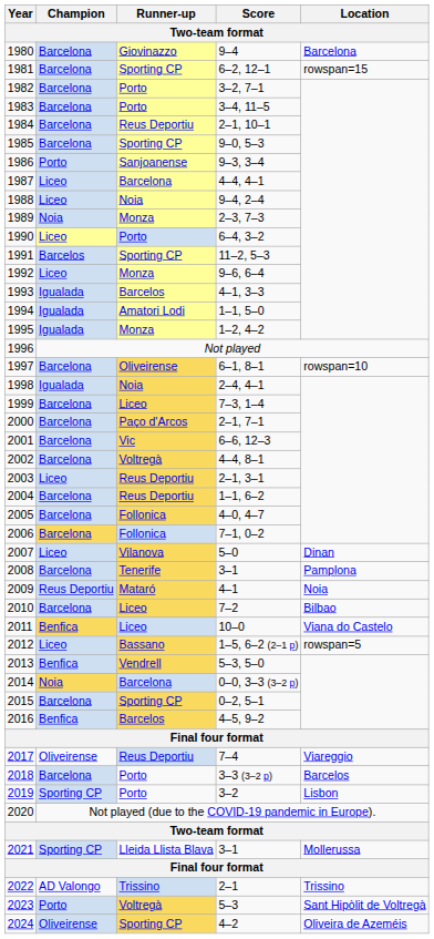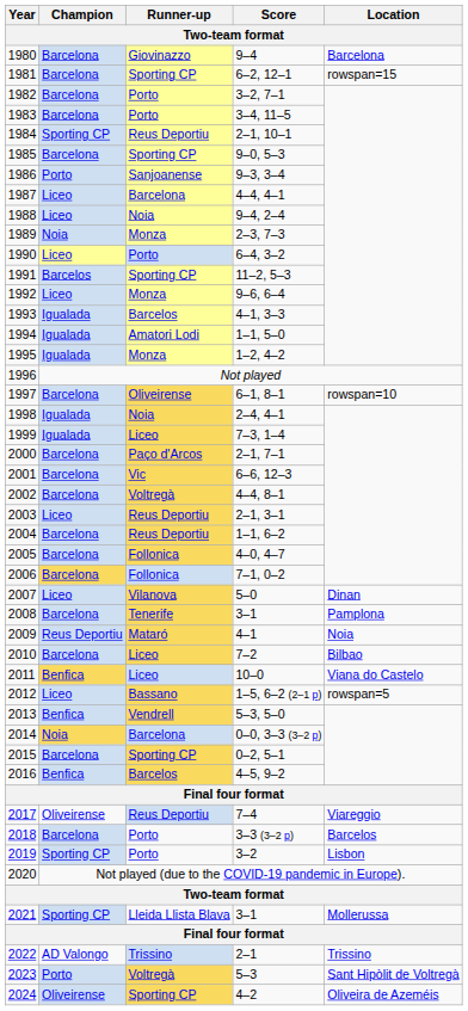 <table class="wikitable">
 <tr>
 <th>Year</th>
 <th>Champion</th>
 <th>Runner-up</th>
 <th>Score</th>
 <th>Location</th>
 </tr>
 <tr>
 <th colspan=5>Two-team format</th>
 </tr>
 <tr>
 <td>1980</td>
 <td bgcolor=cedff2> <a href='#'>Barcelona</a></td>
 <td bgcolor=FFFF99> <a href='#'>Giovinazzo</a></td>
 <td>9–4</td>
 <td> <a href='#'>Barcelona</a></td>
 </tr>
 <tr>
 <td>1981</td>
 <td bgcolor=cedff2> <a href='#'>Barcelona</a></td>
 <td bgcolor=FFFF99> <a href='#'>Sporting CP</a></td>
 <td>6–2, 12–1</td>
 <td>rowspan=15 </td>
 </tr>
 <tr>
 <td>1982</td>
 <td bgcolor=cedff2> <a href='#'>Barcelona</a></td>
 <td bgcolor=FFFF99> <a href='#'>Porto</a></td>
 <td>3–2, 7–1</td>
 </tr>
 <tr>
 <td>1983</td>
 <td bgcolor=cedff2> <a href='#'>Barcelona</a></td>
 <td bgcolor=FFFF99> <a href='#'>Porto</a></td>
 <td>3–4, 11–5</td>
 </tr>
 <tr>
 <td>1984</td>
-<td bgcolor=cedff2> <a href='#'>Barcelona</a></td>
+<td bgcolor=cedff2> <a href='#'>Sporting CP</a></td>
 <td bgcolor=FFFF99> <a href='#'>Reus Deportiu</a></td>
 <td>2–1, 10–1</td>
 </tr>
 <tr>
 <td>1985</td>
 <td bgcolor=cedff2> <a href='#'>Barcelona</a></td>
 <td bgcolor=FFFF99> <a href='#'>Sporting CP</a></td>
 <td>9–0, 5–3</td>
 </tr>
 <tr>
 <td>1986</td>
 <td bgcolor=cedff2> <a href='#'>Porto</a></td>
 <td bgcolor=FFFF99> <a href='#'>Sanjoanense</a></td>
 <td>9–3, 3–4</td>
 </tr>
 <tr>
 <td>1987</td>
 <td bgcolor=cedff2> <a href='#'>Liceo</a></td>
 <td bgcolor=FFFF99> <a href='#'>Barcelona</a></td>
 <td>4–4, 4–1</td>
 </tr>
 <tr>
 <td>1988</td>
 <td bgcolor=cedff2> <a href='#'>Liceo</a></td>
 <td bgcolor=FFFF99> <a href='#'>Noia</a></td>
 <td>9–4, 2–4</td>
 </tr>
 <tr>
 <td>1989</td>
 <td bgcolor=cedff2> <a href='#'>Noia</a></td>
 <td bgcolor=FFFF99> <a href='#'>Monza</a></td>
 <td>2–3, 7–3</td>
 </tr>
 <tr>
 <td>1990</td>
 <td bgcolor=FFFF99> <a href='#'>Liceo</a></td>
 <td bgcolor=cedff2> <a href='#'>Porto</a></td>
 <td>6–4, 3–2</td>
 </tr>
 <tr>
 <td>1991</td>
 <td bgcolor=cedff2> <a href='#'>Barcelos</a></td>
 <td bgcolor=FFFF99> <a href='#'>Sporting CP</a></td>
 <td>11–2, 5–3</td>
 </tr>
 <tr>
 <td>1992</td>
 <td bgcolor=cedff2> <a href='#'>Liceo</a></td>
 <td bgcolor=FFFF99> <a href='#'>Monza</a></td>
 <td>9–6, 6–4</td>
 </tr>
 <tr>
 <td>1993</td>
 <td bgcolor=cedff2> <a href='#'>Igualada</a></td>
 <td bgcolor=FFFF99> <a href='#'>Barcelos</a></td>
 <td>4–1, 3–3</td>
 </tr>
 <tr>
 <td>1994</td>
 <td bgcolor=cedff2> <a href='#'>Igualada</a></td>
 <td bgcolor=FFFF99> <a href='#'>Amatori Lodi</a></td>
 <td>1–1, 5–0</td>
 </tr>
 <tr>
 <td>1995</td>
 <td bgcolor=cedff2> <a href='#'>Igualada</a></td>
 <td bgcolor=FFFF99> <a href='#'>Monza</a></td>
 <td>1–2, 4–2</td>
 </tr>
 <tr>
 <td>1996</td>
 <td align=center colspan=4><em>Not played</em></td>
 </tr>
 <tr>
 <td>1997</td>
 <td bgcolor=cedff2> <a href='#'>Barcelona</a></td>
 <td bgcolor=FADA5E> <a href='#'>Oliveirense</a></td>
 <td>6–1, 8–1</td>
 <td>rowspan=10 </td>
 </tr>
 <tr>
 <td>1998</td>
 <td bgcolor=cedff2> <a href='#'>Igualada</a></td>
 <td bgcolor=FADA5E> <a href='#'>Noia</a></td>
 <td>2–4, 4–1</td>
 </tr>
 <tr>
 <td>1999</td>
-<td bgcolor=cedff2> <a href='#'>Barcelona</a></td>
+<td bgcolor=cedff2> <a href='#'>Igualada</a></td>
 <td bgcolor=FADA5E> <a href='#'>Liceo</a></td>
 <td>7–3, 1–4</td>
 </tr>
 <tr>
 <td>2000</td>
 <td bgcolor=cedff2> <a href='#'>Barcelona</a></td>
 <td bgcolor=FADA5E> <a href='#'>Paço d'Arcos</a></td>
 <td>2–1, 7–1</td>
 </tr>
 <tr>
 <td>2001</td>
 <td bgcolor=cedff2> <a href='#'>Barcelona</a></td>
 <td bgcolor=FADA5E> <a href='#'>Vic</a></td>
 <td>6–6, 12–3</td>
 </tr>
 <tr>
 <td>2002</td>
 <td bgcolor=cedff2> <a href='#'>Barcelona</a></td>
 <td bgcolor=FADA5E> <a href='#'>Voltregà</a></td>
 <td>4–4, 8–1</td>
 </tr>
 <tr>
 <td>2003</td>
 <td bgcolor=cedff2> <a href='#'>Liceo</a></td>
 <td bgcolor=FADA5E> <a href='#'>Reus Deportiu</a></td>
 <td>2–1, 3–1</td>
 </tr>
 <tr>
 <td>2004</td>
 <td bgcolor=cedff2> <a href='#'>Barcelona</a></td>
 <td bgcolor=FADA5E> <a href='#'>Reus Deportiu</a></td>
 <td>1–1, 6–2</td>
 </tr>
 <tr>
 <td>2005</td>
 <td bgcolor=cedff2> <a href='#'>Barcelona</a></td>
 <td bgcolor=FADA5E> <a href='#'>Follonica</a></td>
 <td>4–0, 4–7</td>
 </tr>
 <tr>
 <td>2006</td>
 <td bgcolor=FADA5E> <a href='#'>Barcelona</a></td>
 <td bgcolor=cedff2> <a href='#'>Follonica</a></td>
 <td>7–1, 0–2</td>
 </tr>
 <tr>
 <td>2007</td>
 <td bgcolor=cedff2> <a href='#'>Liceo</a></td>
 <td bgcolor=FADA5E> <a href='#'>Vilanova</a></td>
 <td>5–0</td>
 <td> <a href='#'>Dinan</a></td>
 </tr>
 <tr>
 <td>2008</td>
 <td bgcolor=cedff2> <a href='#'>Barcelona</a></td>
 <td bgcolor=FADA5E> <a href='#'>Tenerife</a></td>
 <td>3–1</td>
 <td> <a href='#'>Pamplona</a></td>
 </tr>
 <tr>
 <td>2009</td>
 <td bgcolor=cedff2> <a href='#'>Reus Deportiu</a></td>
 <td bgcolor=FADA5E> <a href='#'>Mataró</a></td>
 <td>4–1</td>
 <td> <a href='#'>Noia</a></td>
 </tr>
 <tr>
 <td>2010</td>
 <td bgcolor=cedff2> <a href='#'>Barcelona</a></td>
 <td bgcolor=FADA5E> <a href='#'>Liceo</a></td>
 <td>7–2</td>
 <td> <a href='#'>Bilbao</a></td>
 </tr>
 <tr>
 <td>2011</td>
 <td bgcolor=FADA5E> <a href='#'>Benfica</a></td>
 <td bgcolor=cedff2> <a href='#'>Liceo</a></td>
 <td>10–0</td>
 <td> <a href='#'>Viana do Castelo</a></td>
 </tr>
 <tr>
 <td>2012</td>
 <td bgcolor=cedff2> <a href='#'>Liceo</a></td>
 <td bgcolor=FADA5E> <a href='#'>Bassano</a></td>
 <td>1–5, 6–2 <small>(2–1 <a href='#'>p</a>)</small></td>
 <td>rowspan=5 </td>
 </tr>
 <tr>
 <td>2013</td>
 <td bgcolor=cedff2> <a href='#'>Benfica</a></td>
 <td bgcolor=FADA5E> <a href='#'>Vendrell</a></td>
 <td>5–3, 5–0</td>
 </tr>
 <tr>
 <td>2014</td>
 <td bgcolor=FADA5E> <a href='#'>Noia</a></td>
 <td bgcolor=cedff2> <a href='#'>Barcelona</a></td>
 <td>0–0, 3–3 <small>(3–2 <a href='#'>p</a>)</small></td>
 </tr>
 <tr>
 <td>2015</td>
 <td bgcolor=cedff2> <a href='#'>Barcelona</a></td>
 <td bgcolor=FADA5E> <a href='#'>Sporting CP</a></td>
 <td>0–2, 5–1</td>
 </tr>
 <tr>
 <td>2016</td>
 <td bgcolor=cedff2> <a href='#'>Benfica</a></td>
 <td bgcolor=FADA5E> <a href='#'>Barcelos</a></td>
 <td>4–5, 9–2</td>
 </tr>
 <tr>
 <th colspan=5>Final four format</th>
 </tr>
 <tr>
 <td><a href='#'>2017</a></td>
 <td> <a href='#'>Oliveirense</a></td>
 <td bgcolor=cedff2> <a href='#'>Reus Deportiu</a></td>
 <td>7–4</td>
 <td> <a href='#'>Viareggio</a></td>
 </tr>
 <tr>
 <td><a href='#'>2018</a></td>
 <td bgcolor=cedff2> <a href='#'>Barcelona</a></td>
 <td> <a href='#'>Porto</a></td>
 <td>3–3 <small>(3–2 <a href='#'>p</a>)</small></td>
 <td> <a href='#'>Barcelos</a></td>
 </tr>
 <tr>
 <td><a href='#'>2019</a></td>
 <td bgcolor=cedff2> <a href='#'>Sporting CP</a></td>
 <td> <a href='#'>Porto</a></td>
 <td>3–2</td>
 <td> <a href='#'>Lisbon</a></td>
 </tr>
 <tr>
 <td>2020</td>
 <td colspan=4; align=center>Not played (due to the <a href='#'>COVID-19 pandemic in Europe</a>).</td>
 </tr>
 <tr>
 <th colspan=5>Two-team format</th>
 </tr>
 <tr>
 <td><a href='#'>2021</a></td>
 <td bgcolor=cedff2> <a href='#'>Sporting CP</a></td>
 <td> <a href='#'>Lleida Llista Blava</a></td>
 <td>3–1</td>
 <td> <a href='#'>Mollerussa</a></td>
 </tr>
 <tr>
 <th colspan=5>Final four format</th>
 </tr>
 <tr>
 <td><a href='#'>2022</a></td>
 <td> <a href='#'>AD Valongo</a></td>
 <td bgcolor=#cedff2> <a href='#'>Trissino</a></td>
 <td>2–1</td>
 <td> <a href='#'>Trissino</a></td>
 </tr>
 <tr>
 <td><a href='#'>2023</a></td>
 <td bgcolor=cedff2> <a href='#'>Porto</a></td>
 <td bgcolor=FADA5E> <a href='#'>Voltregà</a></td>
 <td>5–3</td>
 <td> <a href='#'>Sant Hipòlit de Voltregà</a></td>
 </tr>
 <tr>
 <td><a href='#'>2024</a></td>
 <td bgcolor=cedff2> <a href='#'>Oliveirense</a></td>
 <td bgcolor=FADA5E> <a href='#'>Sporting CP</a></td>
 <td>4–2</td>
 <td> <a href='#'>Oliveira de Azeméis</a></td>
 </tr>
 </table>
